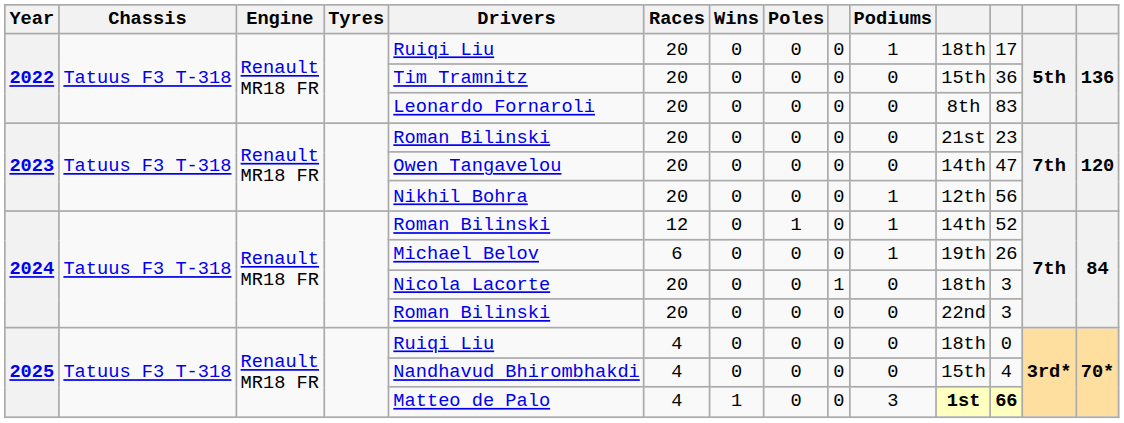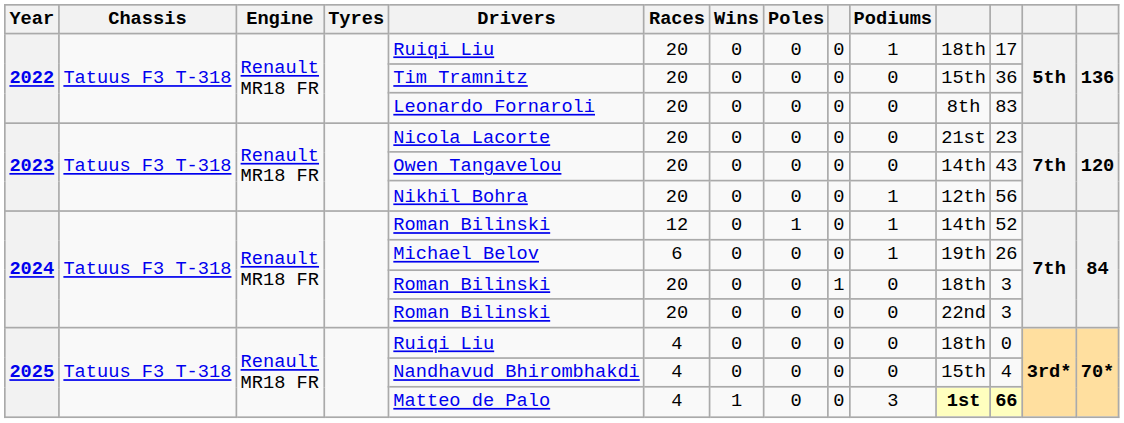 <table class="wikitable" style="text-align:center; font-size:85%">
 <tr>
 <th>Year</th>
 <th>Chassis</th>
 <th>Engine</th>
 <th>Tyres</th>
 <th>Drivers</th>
 <th>Races</th>
 <th>Wins</th>
 <th>Poles</th>
 <th></th>
 <th>Podiums</th>
 <th></th>
 <th></th>
 <th></th>
 <th></th>
 </tr>
 <tr>
 <th rowspan="3"><a href='#'>2022</a></th>
 <td rowspan="3"><a href='#'>Tatuus F3 T-318</a></td>
 <td rowspan="3"><a href='#'>Renault</a><br>MR18 FR</td>
 <td rowspan="3"></td>
 <td align="left"> <a href='#'>Ruiqi Liu</a></td>
 <td>20</td>
 <td>0</td>
 <td>0</td>
 <td>0</td>
 <td>1</td>
 <td>18th</td>
 <td>17</td>
 <th rowspan="3">5th</th>
 <th rowspan="3">136</th>
 </tr>
 <tr>
 <td align=left> <a href='#'>Tim Tramnitz</a></td>
 <td>20</td>
 <td>0</td>
 <td>0</td>
 <td>0</td>
 <td>0</td>
 <td>15th</td>
 <td>36</td>
 </tr>
 <tr>
 <td align="left"> <a href='#'>Leonardo Fornaroli</a></td>
 <td>20</td>
 <td>0</td>
 <td>0</td>
 <td>0</td>
 <td>0</td>
 <td>8th</td>
 <td>83</td>
 </tr>
 <tr>
 <th rowspan="3"><a href='#'>2023</a></th>
 <td rowspan="3"><a href='#'>Tatuus F3 T-318</a></td>
 <td rowspan="3"><a href='#'>Renault</a><br>MR18 FR</td>
 <td rowspan="3"></td>
-<td align="left"> <a href='#'>Roman Bilinski</a></td>
+<td align=left> <a href='#'>Nicola Lacorte</a></td>
 <td>20</td>
 <td>0</td>
 <td>0</td>
 <td>0</td>
 <td>0</td>
 <td>21st</td>
 <td>23</td>
 <th rowspan="3">7th</th>
 <th rowspan="3">120</th>
 </tr>
 <tr>
 <td align=left> <a href='#'>Owen Tangavelou</a></td>
 <td>20</td>
 <td>0</td>
 <td>0</td>
 <td>0</td>
 <td>0</td>
 <td>14th</td>
-<td>47</td>
+<td>43</td>
 </tr>
 <tr>
 <td align="left"> <a href='#'>Nikhil Bohra</a></td>
 <td>20</td>
 <td>0</td>
 <td>0</td>
 <td>0</td>
 <td>1</td>
 <td>12th</td>
 <td>56</td>
 </tr>
 <tr>
 <th rowspan="4"><a href='#'>2024</a></th>
 <td rowspan="4"><a href='#'>Tatuus F3 T-318</a></td>
 <td rowspan="4"><a href='#'>Renault</a><br>MR18 FR</td>
 <td rowspan="4"></td>
 <td align="left"> <a href='#'>Roman Bilinski</a></td>
 <td>12</td>
 <td>0</td>
 <td>1</td>
 <td>0</td>
 <td>1</td>
 <td>14th</td>
 <td>52</td>
 <th rowspan="4">7th</th>
 <th rowspan="4">84</th>
 </tr>
 <tr>
 <td align=left> <a href='#'>Michael Belov</a></td>
 <td>6</td>
 <td>0</td>
 <td>0</td>
 <td>0</td>
 <td>1</td>
 <td>19th</td>
 <td>26</td>
 </tr>
 <tr>
-<td align=left> <a href='#'>Nicola Lacorte</a></td>
+<td align="left"> <a href='#'>Roman Bilinski</a></td>
 <td>20</td>
 <td>0</td>
 <td>0</td>
 <td>1</td>
 <td>0</td>
 <td>18th</td>
 <td>3</td>
 </tr>
 <tr>
 <td align="left"> <a href='#'>Roman Bilinski</a></td>
 <td>20</td>
 <td>0</td>
 <td>0</td>
 <td>0</td>
 <td>0</td>
 <td>22nd</td>
 <td>3</td>
 </tr>
 <tr>
 <th rowspan="3"><a href='#'>2025</a></th>
 <td rowspan="3"><a href='#'>Tatuus F3 T-318</a></td>
 <td rowspan="3"><a href='#'>Renault</a><br>MR18 FR</td>
 <td rowspan="3"></td>
 <td align="left"> <a href='#'>Ruiqi Liu</a></td>
 <td>4</td>
 <td>0</td>
 <td>0</td>
 <td>0</td>
 <td>0</td>
 <td>18th</td>
 <td>0</td>
 <th rowspan="3" style="background:#FFDF9F;">3rd*</th>
 <th rowspan="3" style="background:#FFDF9F;">70*</th>
 </tr>
 <tr>
 <td align=left> <a href='#'>Nandhavud Bhirombhakdi</a></td>
 <td>4</td>
 <td>0</td>
 <td>0</td>
 <td>0</td>
 <td>0</td>
 <td>15th</td>
 <td>4</td>
 </tr>
 <tr>
 <td align="left"> <a href='#'>Matteo de Palo</a></td>
 <td>4</td>
 <td>1</td>
 <td>0</td>
 <td>0</td>
 <td>3</td>
 <td style="background:#FFFFBF;"><strong>1st</strong></td>
 <td style="background:#FFFFBF;"><strong>66</strong></td>
 </tr>
 </table>
